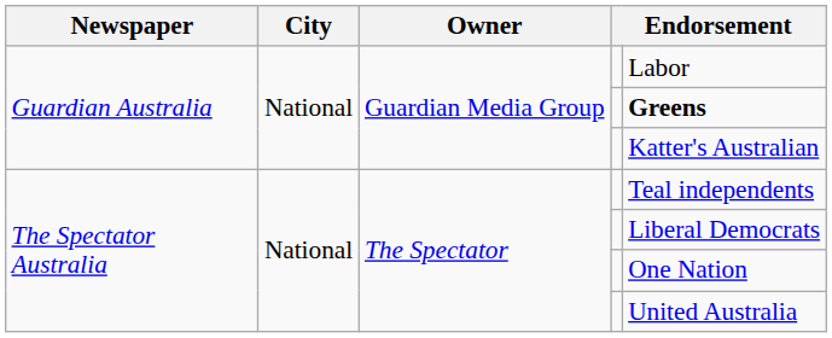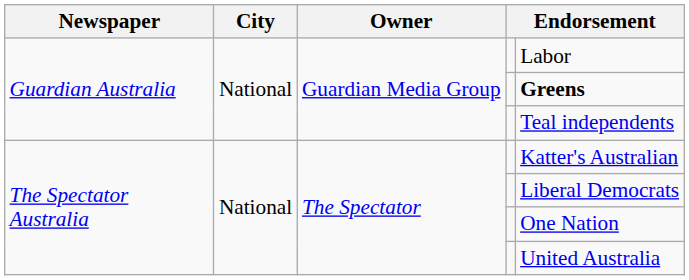 <table class="wikitable sortable right">
 <tr>
 <th style="width:150px;">Newspaper</th>
 <th>City</th>
 <th>Owner</th>
 <th colspan=2>Endorsement</th>
 </tr>
 <tr>
 <td rowspan="3"><em><a href='#'>Guardian Australia</a></em></td>
 <td rowspan="3">National</td>
 <td rowspan="3"><a href='#'>Guardian Media Group</a></td>
 <td></td>
 <td>Labor</td>
 </tr>
 <tr>
 <td></td>
 <td><strong>Greens</strong></td>
 </tr>
 <tr>
 <td></td>
-<td><a href='#'>Katter's Australian</a></td>
+<td><a href='#'>Teal independents</a></td>
 </tr>
 <tr>
 <td rowspan="5"><em><a href='#'>The Spectator Australia</a></em></td>
 <td rowspan="5">National</td>
 <td rowspan="5"><em><a href='#'>The Spectator</a></em></td>
 <td></td>
-<td><a href='#'>Teal independents</a></td>
+<td><a href='#'>Katter's Australian</a></td>
 </tr>
 <tr>
 <td></td>
 <td><a href='#'>Liberal Democrats</a></td>
 </tr>
 <tr>
 <td></td>
 <td><a href='#'>One Nation</a></td>
 </tr>
 <tr>
 <td></td>
 <td><a href='#'>United Australia</a></td>
 </tr>
 </table>
